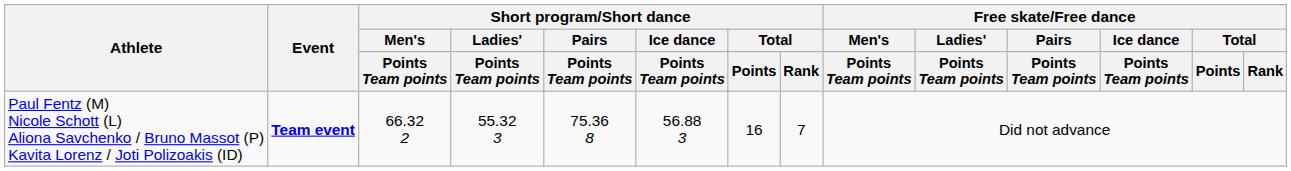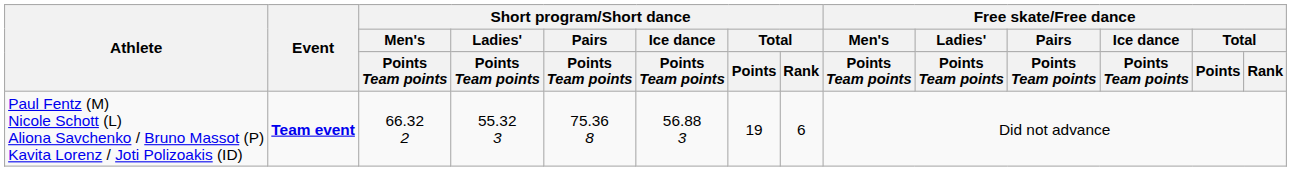 <table class="wikitable" style="font-size:90%">
 <tr>
 <th rowspan=3>Athlete</th>
 <th rowspan=3>Event</th>
 <th colspan=6>Short program/Short dance</th>
 <th colspan=6>Free skate/Free dance</th>
 </tr>
 <tr style="font-size:95%">
 <th>Men's</th>
 <th>Ladies'</th>
 <th>Pairs</th>
 <th>Ice dance</th>
 <th colspan=2>Total</th>
 <th>Men's</th>
 <th>Ladies'</th>
 <th>Pairs</th>
 <th>Ice dance</th>
 <th colspan=2>Total</th>
 </tr>
 <tr style="font-size:95%">
 <th>Points<br><em>Team points</em></th>
 <th>Points<br><em>Team points</em></th>
 <th>Points<br><em>Team points</em></th>
 <th>Points<br><em>Team points</em></th>
 <th>Points</th>
 <th>Rank</th>
 <th>Points<br><em>Team points</em></th>
 <th>Points<br><em>Team points</em></th>
 <th>Points<br><em>Team points</em></th>
 <th>Points<br><em>Team points</em></th>
 <th>Points</th>
 <th>Rank</th>
 </tr>
 <tr align=center>
 <td align=left><a href='#'>Paul Fentz</a> (M)<br><a href='#'>Nicole Schott</a> (L)<br><a href='#'>Aliona Savchenko</a> / <a href='#'>Bruno Massot</a> (P)<br><a href='#'>Kavita Lorenz</a> / <a href='#'>Joti Polizoakis</a> (ID)</td>
 <td align=left><strong><a href='#'>Team event</a></strong></td>
 <td>66.32<br><em>2</em></td>
 <td>55.32<br><em>3</em></td>
 <td>75.36<br><em>8</em></td>
 <td>56.88<br><em>3</em></td>
-<td>16</td>
-<td>7</td>
+<td>19</td>
+<td>6</td>
 <td colspan=6>Did not advance</td>
 </tr>
 </table>
